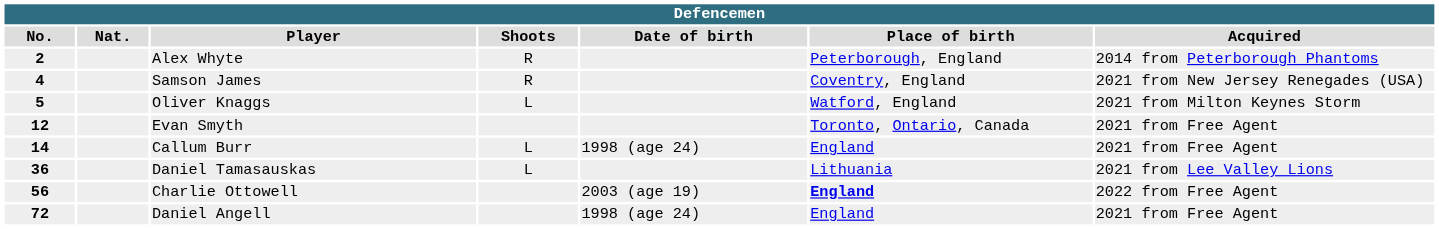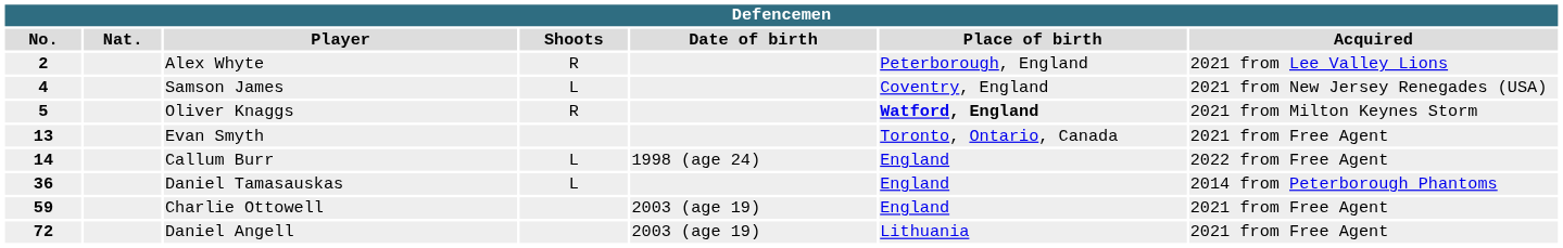 <table class="toccolours"  style="width:97%; clear:both; margin:1.5em auto; text-align:center;">
 <tr style="background:#ddd;">
 <th colspan="11" style="background:#2f6d81; color:white;”">Defencemen</th>
 </tr>
 <tr style="background:#ddd;">
 <th width=5%>No.</th>
 <th width=5%>Nat.</th>
 <th !width=22%>Player</th>
 <th width=7%>Shoots</th>
 <th width=16%>Date of birth</th>
 <th width=20%>Place of birth</th>
 <th width=24%>Acquired</th>
 </tr>
 <tr style="background:#eee;">
 <td><strong>2</strong></td>
 <td></td>
 <td align=left>Alex Whyte</td>
 <td>R</td>
 <td align=left></td>
 <td align=left><a href='#'>Peterborough</a>, England</td>
-<td align=left>2014 from <a href='#'>Peterborough Phantoms</a></td>
+<td align=left>2021 from <a href='#'>Lee Valley Lions</a></td>
 </tr>
 <tr style="background:#eee;">
 <td><strong>4</strong></td>
 <td></td>
 <td align=left>Samson James</td>
-<td>R</td>
+<td>L</td>
 <td align=left></td>
 <td align=left><a href='#'>Coventry</a>, England</td>
 <td align=left>2021 from New Jersey Renegades (USA)</td>
 </tr>
 <tr style="background:#eee;">
 <td><strong>5</strong></td>
 <td></td>
 <td align=left>Oliver Knaggs</td>
-<td>L</td>
+<td>R</td>
 <td align=left></td>
-<td align=left><a href='#'>Watford</a>, England</td>
+<td align=left><strong><a href='#'>Watford</a>, England</strong></td>
 <td align=left>2021 from Milton Keynes Storm</td>
 </tr>
 <tr style="background:#eee;">
-<td><strong>12</strong></td>
+<td><strong>13</strong></td>
 <td></td>
 <td align=left>Evan Smyth</td>
 <td></td>
 <td align=left></td>
 <td align=left><a href='#'>Toronto</a>, <a href='#'>Ontario</a>, Canada</td>
 <td align=left>2021 from Free Agent</td>
 </tr>
 <tr style="background:#eee;">
 <td><strong>14</strong></td>
 <td></td>
 <td align=left>Callum Burr</td>
 <td>L</td>
 <td align=left>1998 (age 24)</td>
 <td align=left><a href='#'>England</a></td>
-<td align=left>2021 from Free Agent</td>
+<td align=left>2022 from Free Agent</td>
 </tr>
 <tr style="background:#eee;">
 <td><strong>36</strong></td>
 <td></td>
 <td align=left>Daniel Tamasauskas</td>
 <td>L</td>
 <td align=left></td>
-<td align=left><a href='#'>Lithuania</a></td>
-<td align=left>2021 from <a href='#'>Lee Valley Lions</a></td>
+<td align=left><a href='#'>England</a></td>
+<td align=left>2014 from <a href='#'>Peterborough Phantoms</a></td>
 </tr>
 <tr style="background:#eee;">
-<td><strong>56</strong></td>
+<td><strong>59</strong></td>
 <td></td>
 <td align=left>Charlie Ottowell</td>
 <td></td>
 <td align=left>2003 (age 19)</td>
-<td align=left><strong><a href='#'>England</a></strong></td>
-<td align=left>2022 from Free Agent</td>
+<td align=left><a href='#'>England</a></td>
+<td align=left>2021 from Free Agent</td>
 </tr>
 <tr style="background:#eee;">
 <td><strong>72</strong></td>
 <td></td>
 <td align=left>Daniel Angell</td>
 <td></td>
-<td align=left>1998 (age 24)</td>
-<td align=left><a href='#'>England</a></td>
+<td align=left>2003 (age 19)</td>
+<td align=left><a href='#'>Lithuania</a></td>
 <td align=left>2021 from Free Agent</td>
 </tr>
 </table>
